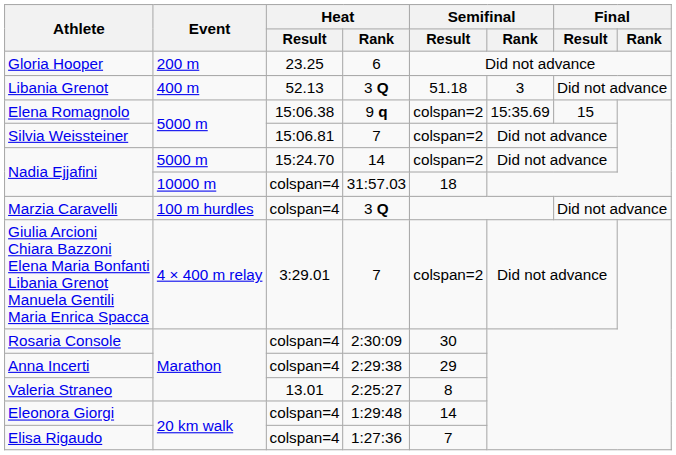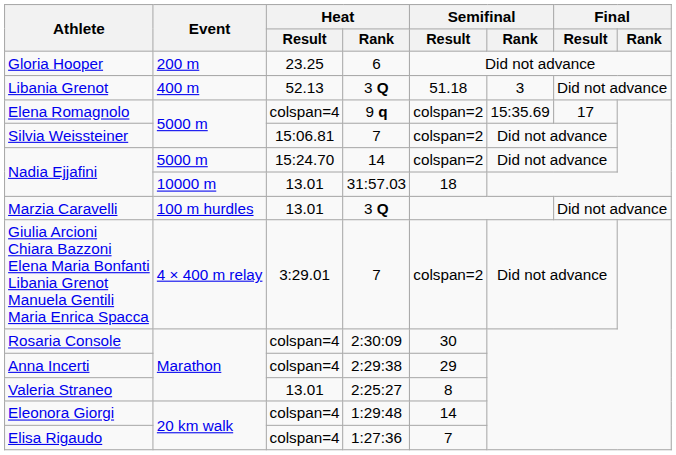 <table class="wikitable" style="font-size:90%">
 <tr>
 <th rowspan="2">Athlete</th>
 <th rowspan="2">Event</th>
 <th colspan="2">Heat</th>
 <th colspan="2">Semifinal</th>
 <th colspan="2">Final</th>
 </tr>
 <tr style="font-size:95%">
 <th>Result</th>
 <th>Rank</th>
 <th>Result</th>
 <th>Rank</th>
 <th>Result</th>
 <th>Rank</th>
 </tr>
 <tr align=center>
 <td align=left><a href='#'>Gloria Hooper</a></td>
 <td align=left><a href='#'>200 m</a></td>
 <td>23.25</td>
 <td>6</td>
 <td colspan=4>Did not advance</td>
 </tr>
 <tr align=center>
 <td align=left><a href='#'>Libania Grenot</a></td>
 <td align=left><a href='#'>400 m</a></td>
 <td>52.13</td>
 <td>3 <strong>Q</strong></td>
 <td>51.18</td>
 <td>3</td>
 <td colspan=2>Did not advance</td>
 </tr>
 <tr align=center>
 <td align=left><a href='#'>Elena Romagnolo</a></td>
 <td align=left rowspan=2><a href='#'>5000 m</a></td>
-<td>15:06.38</td>
+<td>colspan=4 </td>
 <td>9 <strong>q</strong></td>
 <td>colspan=2 </td>
 <td>15:35.69</td>
-<td>15</td>
+<td>17</td>
 </tr>
 <tr align=center>
 <td align=left><a href='#'>Silvia Weissteiner</a></td>
 <td>15:06.81</td>
 <td>7</td>
 <td>colspan=2 </td>
 <td colspan=2>Did not advance</td>
 </tr>
 <tr align=center>
 <td align=left rowspan=2><a href='#'>Nadia Ejjafini</a></td>
 <td align=left><a href='#'>5000 m</a></td>
 <td>15:24.70</td>
 <td>14</td>
 <td>colspan=2 </td>
 <td colspan=2>Did not advance</td>
 </tr>
 <tr align=center>
 <td align=left><a href='#'>10000 m</a></td>
-<td>colspan=4 </td>
+<td>13.01</td>
 <td>31:57.03</td>
 <td>18</td>
 </tr>
 <tr align=center>
 <td align=left><a href='#'>Marzia Caravelli</a></td>
 <td align=left><a href='#'>100 m hurdles</a></td>
-<td>colspan=4 </td>
+<td>13.01</td>
 <td>3 <strong>Q</strong></td>
 <td colspan=2></td>
 <td colspan=2>Did not advance</td>
 </tr>
 <tr align=center>
 <td align=left><a href='#'>Giulia Arcioni</a><br><a href='#'>Chiara Bazzoni</a><br><a href='#'>Elena Maria Bonfanti</a><br><a href='#'>Libania Grenot</a><br><a href='#'>Manuela Gentili</a><br><a href='#'>Maria Enrica Spacca</a></td>
 <td align=left><a href='#'>4 × 400 m relay</a></td>
 <td>3:29.01</td>
 <td>7</td>
 <td>colspan=2 </td>
 <td colspan=2>Did not advance</td>
 </tr>
 <tr align=center>
 <td align=left><a href='#'>Rosaria Console</a></td>
 <td align=left rowspan=3><a href='#'>Marathon</a></td>
 <td>colspan=4 </td>
 <td>2:30:09</td>
 <td>30</td>
 </tr>
 <tr align=center>
 <td align=left><a href='#'>Anna Incerti</a></td>
 <td>colspan=4 </td>
 <td>2:29:38</td>
 <td>29</td>
 </tr>
 <tr align=center>
 <td align=left><a href='#'>Valeria Straneo</a></td>
 <td>13.01</td>
 <td>2:25:27</td>
 <td>8</td>
 </tr>
 <tr align=center>
 <td align=left><a href='#'>Eleonora Giorgi</a></td>
 <td align=left rowspan=2><a href='#'>20 km walk</a></td>
 <td>colspan=4 </td>
 <td>1:29:48</td>
 <td>14</td>
 </tr>
 <tr align=center>
 <td align=left><a href='#'>Elisa Rigaudo</a></td>
 <td>colspan=4 </td>
 <td>1:27:36</td>
 <td>7</td>
 </tr>
 </table>
